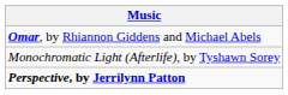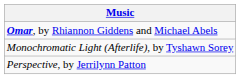 <table class="wikitable" style="float:left; float:none;">
 <tr>
 <th><a href='#'>Music</a></th>
 </tr>
 <tr>
 <td><strong><em><a href='#'>Omar</a></em></strong>, by <a href='#'>Rhiannon Giddens</a> and <a href='#'>Michael Abels</a></td>
 </tr>
 <tr>
 <td><em>Monochromatic Light (Afterlife)</em>, by <a href='#'>Tyshawn Sorey</a></td>
 </tr>
 <tr>
-<td><strong><em>Perspective</em>, by <a href='#'>Jerrilynn Patton</a></strong></td>
+<td><em>Perspective</em>, by <a href='#'>Jerrilynn Patton</a></td>
 </tr>
 </table>
